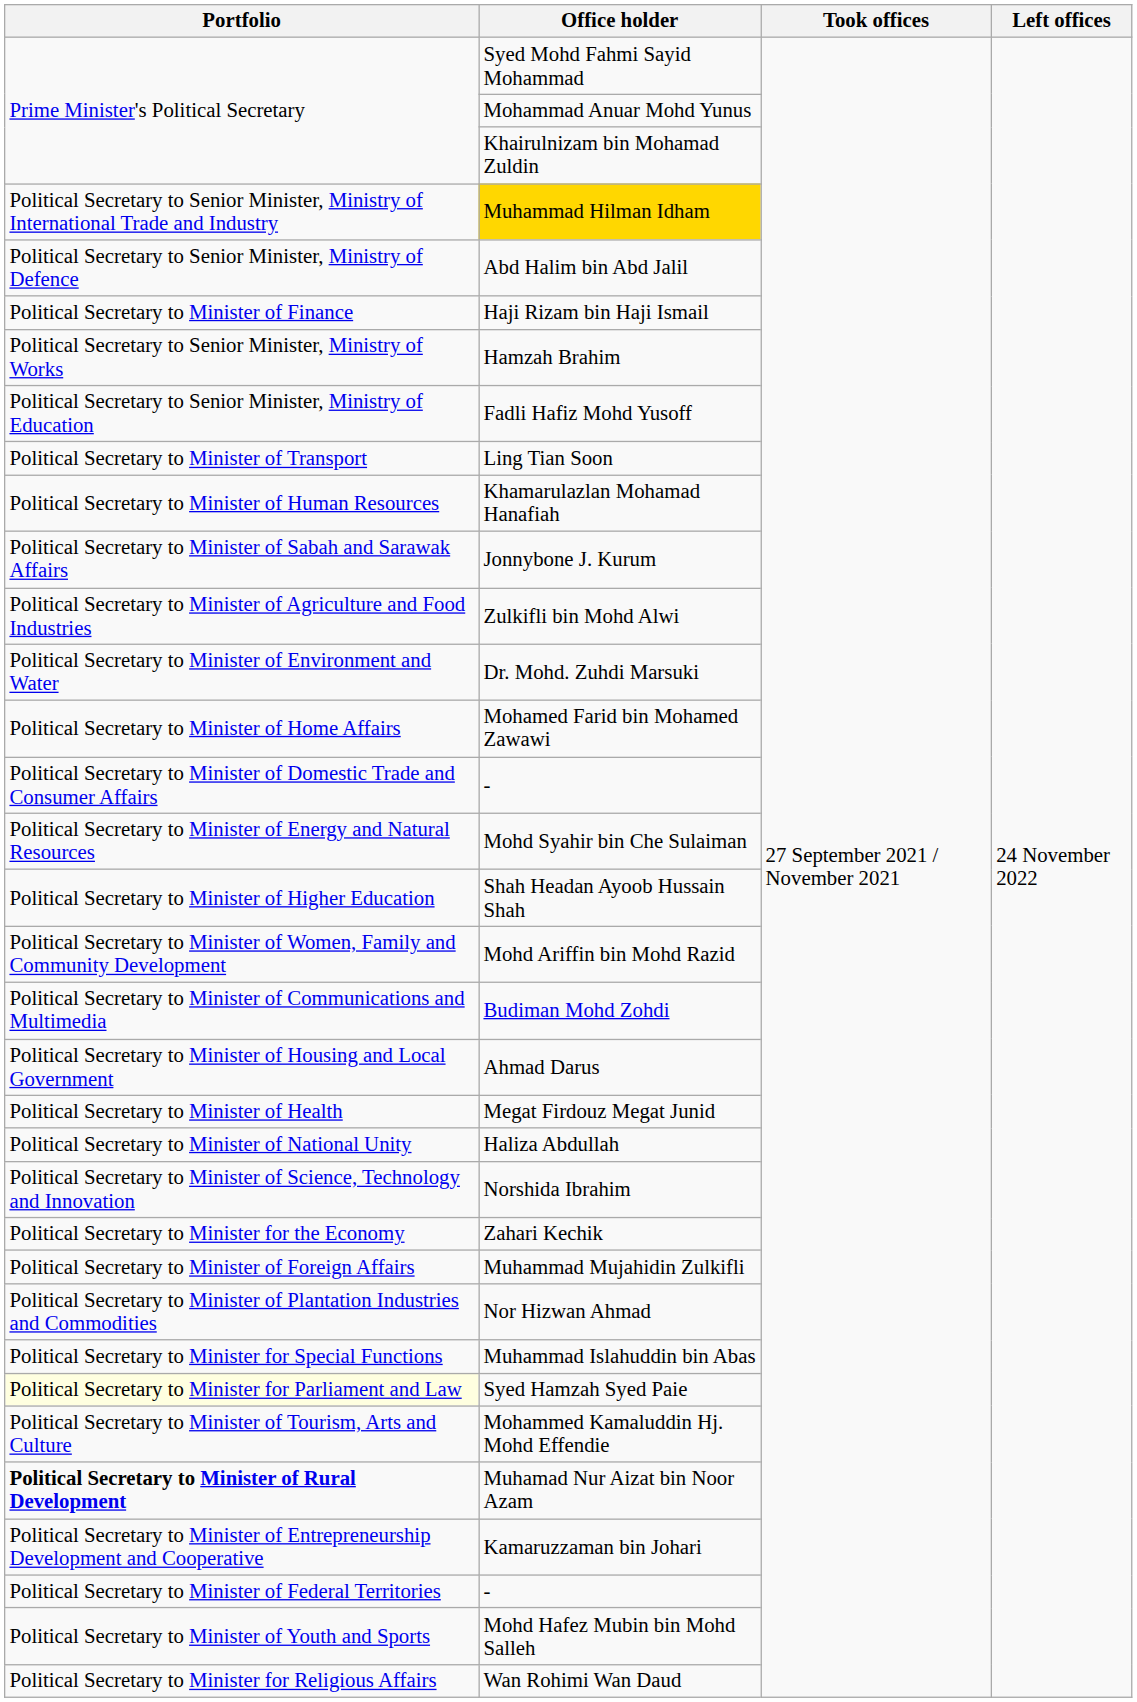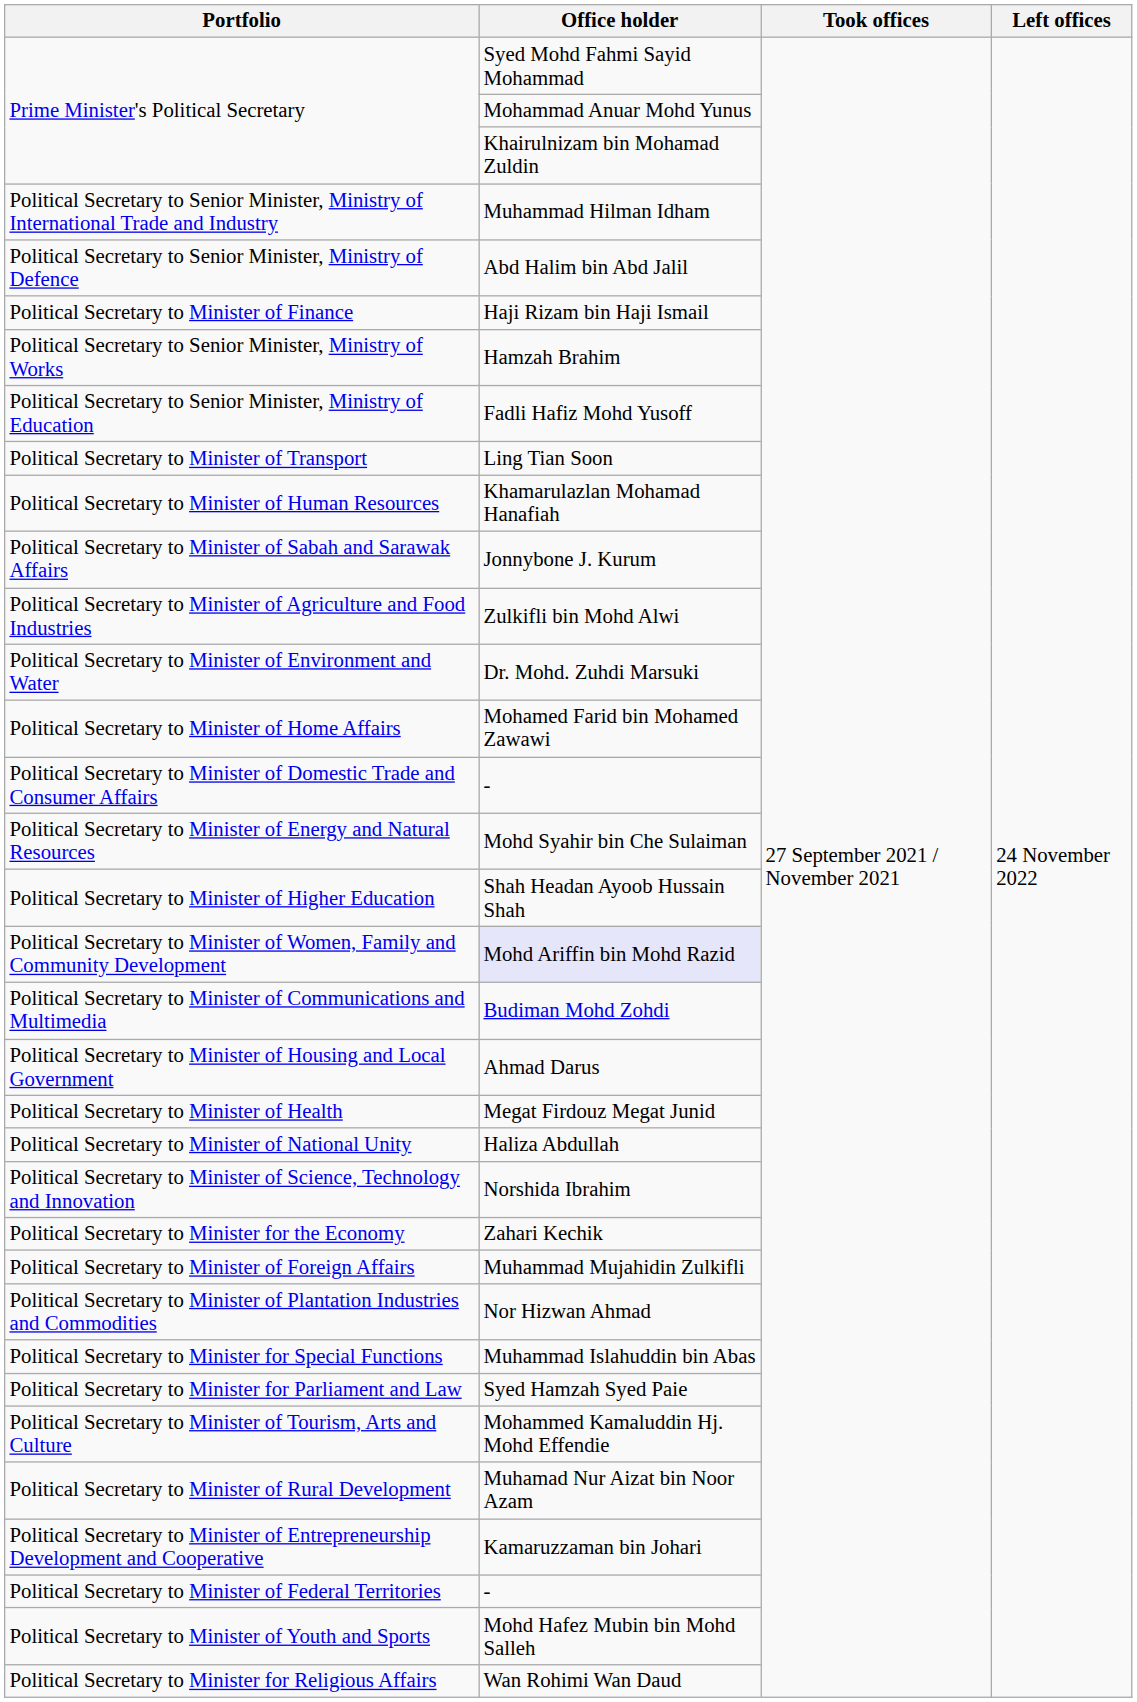 <table class="wikitable">
 <tr>
 <th>Portfolio</th>
 <th>Office holder</th>
 <th>Took offices</th>
 <th>Left offices</th>
 </tr>
 <tr>
 <td rowspan="3"><a href='#'>Prime Minister</a>'s Political Secretary</td>
 <td>Syed Mohd Fahmi Sayid Mohammad</td>
 <td rowspan="34">27 September 2021 / November 2021</td>
 <td rowspan="34">24 November 2022</td>
 </tr>
 <tr>
 <td>Mohammad Anuar Mohd Yunus</td>
 </tr>
 <tr>
 <td>Khairulnizam bin Mohamad Zuldin</td>
 </tr>
 <tr>
 <td>Political Secretary to Senior Minister, <a href='#'>Ministry of International Trade and Industry</a></td>
-<td style="background: gold;">Muhammad Hilman Idham</td>
+<td>Muhammad Hilman Idham</td>
 </tr>
 <tr>
 <td>Political Secretary to Senior Minister, <a href='#'>Ministry of Defence</a></td>
 <td>Abd Halim bin Abd Jalil</td>
 </tr>
 <tr>
 <td>Political Secretary to <a href='#'>Minister of Finance</a></td>
 <td>Haji Rizam bin Haji Ismail</td>
 </tr>
 <tr>
 <td>Political Secretary to Senior Minister, <a href='#'>Ministry of Works</a></td>
 <td>Hamzah Brahim</td>
 </tr>
 <tr>
 <td>Political Secretary to Senior Minister, <a href='#'>Ministry of Education</a></td>
 <td>Fadli Hafiz Mohd Yusoff</td>
 </tr>
 <tr>
 <td>Political Secretary to <a href='#'>Minister of Transport</a></td>
 <td>Ling Tian Soon</td>
 </tr>
 <tr>
 <td>Political Secretary to <a href='#'>Minister of Human Resources</a></td>
 <td>Khamarulazlan Mohamad Hanafiah</td>
 </tr>
 <tr>
 <td>Political Secretary to <a href='#'>Minister of Sabah and Sarawak Affairs</a></td>
 <td>Jonnybone J. Kurum</td>
 </tr>
 <tr>
 <td>Political Secretary to <a href='#'>Minister of Agriculture and Food Industries</a></td>
 <td>Zulkifli bin Mohd Alwi</td>
 </tr>
 <tr>
 <td>Political Secretary to <a href='#'>Minister of Environment and Water</a></td>
 <td>Dr. Mohd. Zuhdi Marsuki</td>
 </tr>
 <tr>
 <td>Political Secretary to <a href='#'>Minister of Home Affairs</a></td>
 <td>Mohamed Farid bin Mohamed Zawawi</td>
 </tr>
 <tr>
 <td>Political Secretary to <a href='#'>Minister of Domestic Trade and Consumer Affairs</a></td>
 <td>-</td>
 </tr>
 <tr>
 <td>Political Secretary to <a href='#'>Minister of Energy and Natural Resources</a></td>
 <td>Mohd Syahir bin Che Sulaiman</td>
 </tr>
 <tr>
 <td>Political Secretary to <a href='#'>Minister of Higher Education</a></td>
 <td>Shah Headan Ayoob Hussain Shah</td>
 </tr>
 <tr>
 <td>Political Secretary to <a href='#'>Minister of Women, Family and Community Development</a></td>
-<td>Mohd Ariffin bin Mohd Razid</td>
+<td style="background: lavender;">Mohd Ariffin bin Mohd Razid</td>
 </tr>
 <tr>
 <td>Political Secretary to <a href='#'>Minister of Communications and Multimedia</a></td>
 <td><a href='#'>Budiman Mohd Zohdi</a></td>
 </tr>
 <tr>
 <td>Political Secretary to <a href='#'>Minister of Housing and Local Government</a></td>
 <td>Ahmad Darus</td>
 </tr>
 <tr>
 <td>Political Secretary to <a href='#'>Minister of Health</a></td>
 <td>Megat Firdouz Megat Junid</td>
 </tr>
 <tr>
 <td>Political Secretary to <a href='#'>Minister of National Unity</a></td>
 <td>Haliza Abdullah</td>
 </tr>
 <tr>
 <td>Political Secretary to <a href='#'>Minister of Science, Technology and Innovation</a></td>
 <td>Norshida Ibrahim</td>
 </tr>
 <tr>
 <td>Political Secretary to <a href='#'>Minister for the Economy</a></td>
 <td>Zahari Kechik</td>
 </tr>
 <tr>
 <td>Political Secretary to <a href='#'>Minister of Foreign Affairs</a></td>
 <td>Muhammad Mujahidin Zulkifli</td>
 </tr>
 <tr>
 <td>Political Secretary to <a href='#'>Minister of Plantation Industries and Commodities</a></td>
 <td>Nor Hizwan Ahmad</td>
 </tr>
 <tr>
 <td>Political Secretary to <a href='#'>Minister for Special Functions</a></td>
 <td>Muhammad Islahuddin bin Abas</td>
 </tr>
 <tr>
-<td style="background: lightyellow;">Political Secretary to <a href='#'>Minister for Parliament and Law</a></td>
+<td>Political Secretary to <a href='#'>Minister for Parliament and Law</a></td>
 <td>Syed Hamzah Syed Paie</td>
 </tr>
 <tr>
 <td>Political Secretary to <a href='#'>Minister of Tourism, Arts and Culture</a></td>
 <td>Mohammed Kamaluddin Hj. Mohd Effendie</td>
 </tr>
 <tr>
-<td><strong>Political Secretary to <a href='#'>Minister of Rural Development</a></strong></td>
+<td>Political Secretary to <a href='#'>Minister of Rural Development</a></td>
 <td>Muhamad Nur Aizat bin Noor Azam</td>
 </tr>
 <tr>
 <td>Political Secretary to <a href='#'>Minister of Entrepreneurship Development and Cooperative</a></td>
 <td>Kamaruzzaman bin Johari</td>
 </tr>
 <tr>
 <td>Political Secretary to <a href='#'>Minister of Federal Territories</a></td>
 <td>-</td>
 </tr>
 <tr>
 <td>Political Secretary to <a href='#'>Minister of Youth and Sports</a></td>
 <td>Mohd Hafez Mubin bin Mohd Salleh</td>
 </tr>
 <tr>
 <td>Political Secretary to <a href='#'>Minister for Religious Affairs</a></td>
 <td>Wan Rohimi Wan Daud</td>
 </tr>
 </table>
